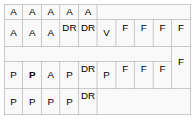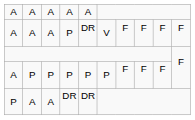 <table class="wikitable" style="text-align:center">
 <tr>
 <td>A</td>
 <td>A</td>
 <td>A</td>
 <td>A</td>
 <td>A</td>
 </tr>
 <tr>
 <td width=10% >A</td>
 <td width=10% >A</td>
 <td width=10% >A</td>
-<td width=10% >DR<br><br></td>
+<td>P</td>
 <td width=10% >DR<br><br></td>
 <td width=10% >V<br></td>
 <td width=10% >F<br><br></td>
 <td width=10% >F<br><br></td>
 <td width=10% >F<br><br></td>
 <td width=10% >F<br><br></td>
 </tr>
 <tr>
 <td colspan=9 style="text-align:right"> </td>
 <td rowspan=2 >F<br><br></td>
 </tr>
 <tr>
-<td>P</td>
-<td><strong>P</strong></td>
 <td width=10% >A</td>
 <td>P</td>
-<td width=10% >DR<br><br></td>
+<td>P</td>
+<td>P</td>
+<td>P</td>
 <td>P</td>
 <td>F<br><br></td>
 <td>F<br><br></td>
 <td>F<br><br></td>
 </tr>
 <tr>
 <td>P</td>
-<td>P</td>
-<td>P</td>
-<td>P</td>
+<td width=10% >A</td>
+<td width=10% >A</td>
+<td width=10% >DR<br><br></td>
 <td width=10% >DR<br><br></td>
 </tr>
 </table>
